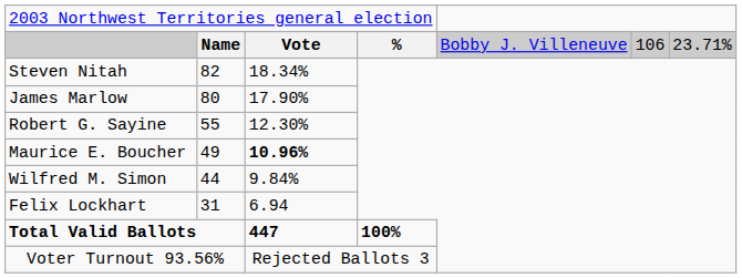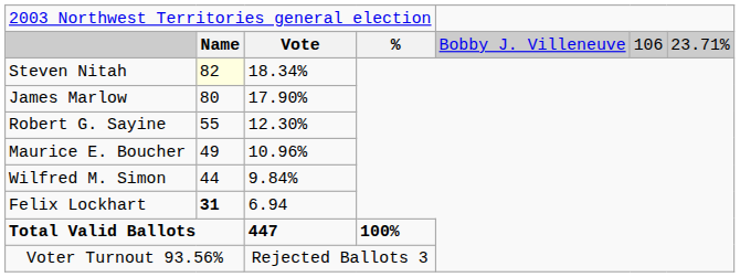 <table class="wikitable">
 <tr>
 <td colspan=4 align=center><a href='#'>2003 Northwest Territories general election</a></td>
 </tr>
 <tr bgcolor="CCCCCC">
 <td></td>
 <th><strong>Name </strong></th>
 <th><strong>Vote</strong></th>
 <th><strong>%</strong><br></th>
 <td><a href='#'>Bobby J. Villeneuve</a></td>
 <td>106</td>
 <td>23.71%</td>
 </tr>
 <tr>
 <td>Steven Nitah</td>
-<td>82</td>
+<td style="background: lightyellow;">82</td>
 <td>18.34%</td>
 </tr>
 <tr>
 <td>James Marlow</td>
 <td>80</td>
 <td>17.90%</td>
 </tr>
 <tr>
 <td>Robert G. Sayine</td>
 <td>55</td>
 <td>12.30%</td>
 </tr>
 <tr>
 <td>Maurice E. Boucher</td>
 <td>49</td>
-<td><strong>10.96%</strong></td>
+<td>10.96%</td>
 </tr>
 <tr>
 <td>Wilfred M. Simon</td>
 <td>44</td>
 <td>9.84%</td>
 </tr>
 <tr>
 <td>Felix Lockhart</td>
-<td>31</td>
+<td><strong>31</strong></td>
 <td>6.94</td>
 </tr>
 <tr>
 <td colspan=2><strong>Total Valid Ballots</strong></td>
 <td><strong>447</strong></td>
 <td><strong>100%</strong></td>
 </tr>
 <tr>
 <td colspan=2 align=center>Voter Turnout 93.56%</td>
 <td colspan=2 align=center>Rejected Ballots 3</td>
 </tr>
 </table>
